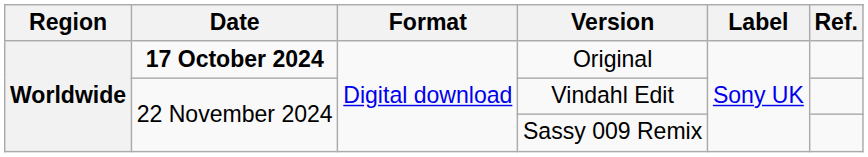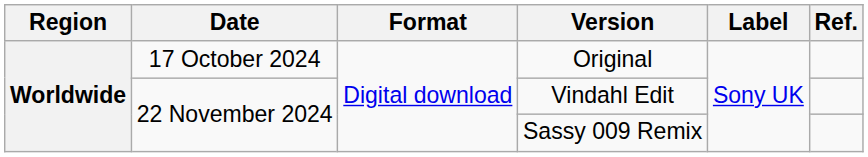 <table class="wikitable plainrowheaders" style="text-align:center;">
 <tr>
 <th scope="col">Region</th>
 <th scope="col">Date</th>
 <th scope="col">Format</th>
 <th scope="col">Version</th>
 <th scope="col">Label</th>
 <th scope="col">Ref.</th>
 </tr>
 <tr>
 <th rowspan="3" scope="row">Worldwide</th>
-<td><strong>17 October 2024</strong></td>
+<td>17 October 2024</td>
 <td rowspan="3"><a href='#'>Digital download</a></td>
 <td>Original</td>
 <td rowspan="3"><a href='#'>Sony UK</a></td>
 <td></td>
 </tr>
 <tr>
 <td rowspan="2">22 November 2024</td>
 <td>Vindahl Edit</td>
 <td></td>
 </tr>
 <tr>
 <td>Sassy 009 Remix</td>
 <td></td>
 </tr>
 </table>
